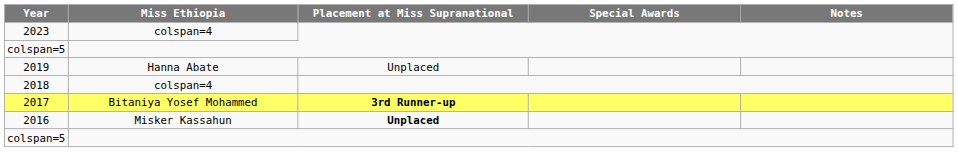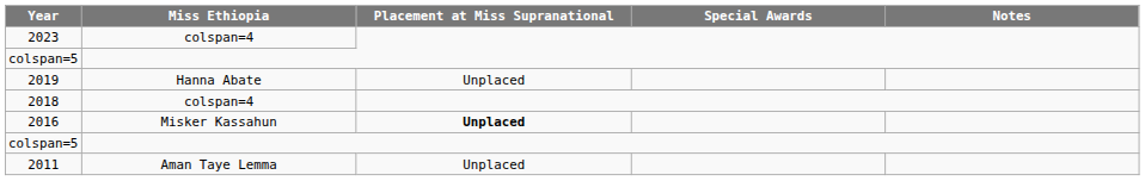 <table class="wikitable" style="font-size: 92%; text-align:center">
 <tr>
 <th width="60" style="background-color:#787878;color:#FFFFFF;">Year</th>
 <th width="250" style="background-color:#787878;color:#FFFFFF;">Miss Ethiopia</th>
 <th width="250" style="background-color:#787878;color:#FFFFFF;">Placement at Miss Supranational</th>
 <th width="230" style="background-color:#787878;color:#FFFFFF;">Special Awards</th>
 <th width="230" style="background-color:#787878;color:#FFFFFF;">Notes</th>
 </tr>
 <tr>
 <td>2023</td>
 <td>colspan=4 </td>
 </tr>
 <tr>
 <td>colspan=5 </td>
 </tr>
 <tr>
 <td>2019</td>
 <td>Hanna Abate</td>
 <td>Unplaced</td>
 <td></td>
 <td></td>
 </tr>
 <tr>
 <td>2018</td>
 <td>colspan=4 </td>
 </tr>
-<tr style="background-color:#FFFF66; ">
-<td>2017</td>
-<td>Bitaniya Yosef Mohammed</td>
-<td><strong>3rd Runner-up</strong></td>
-<td></td>
-<td></td>
-</tr>
 <tr>
 <td>2016</td>
 <td>Misker Kassahun</td>
 <td><strong>Unplaced</strong></td>
 <td></td>
 <td></td>
 </tr>
 <tr>
 <td>colspan=5 </td>
 </tr>
+<tr>
+<td>2011</td>
+<td>Aman Taye Lemma</td>
+<td>Unplaced</td>
+<td></td>
+<td></td>
+</tr>
 </table>
